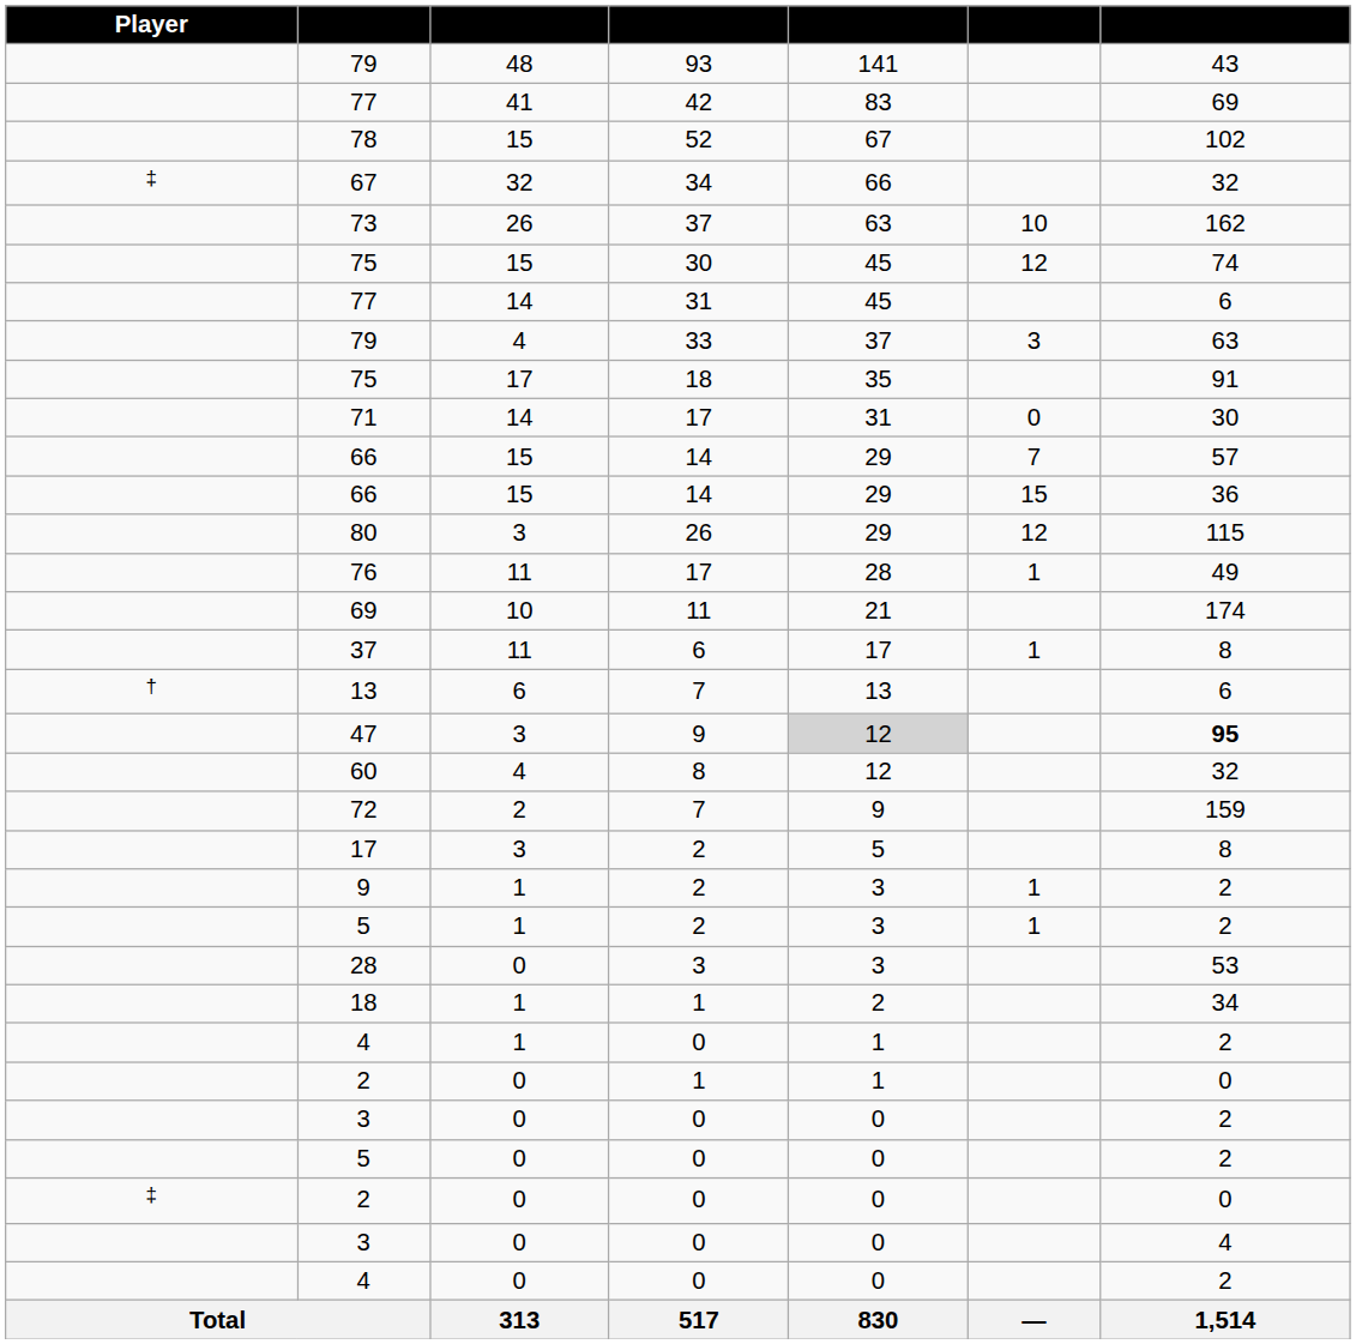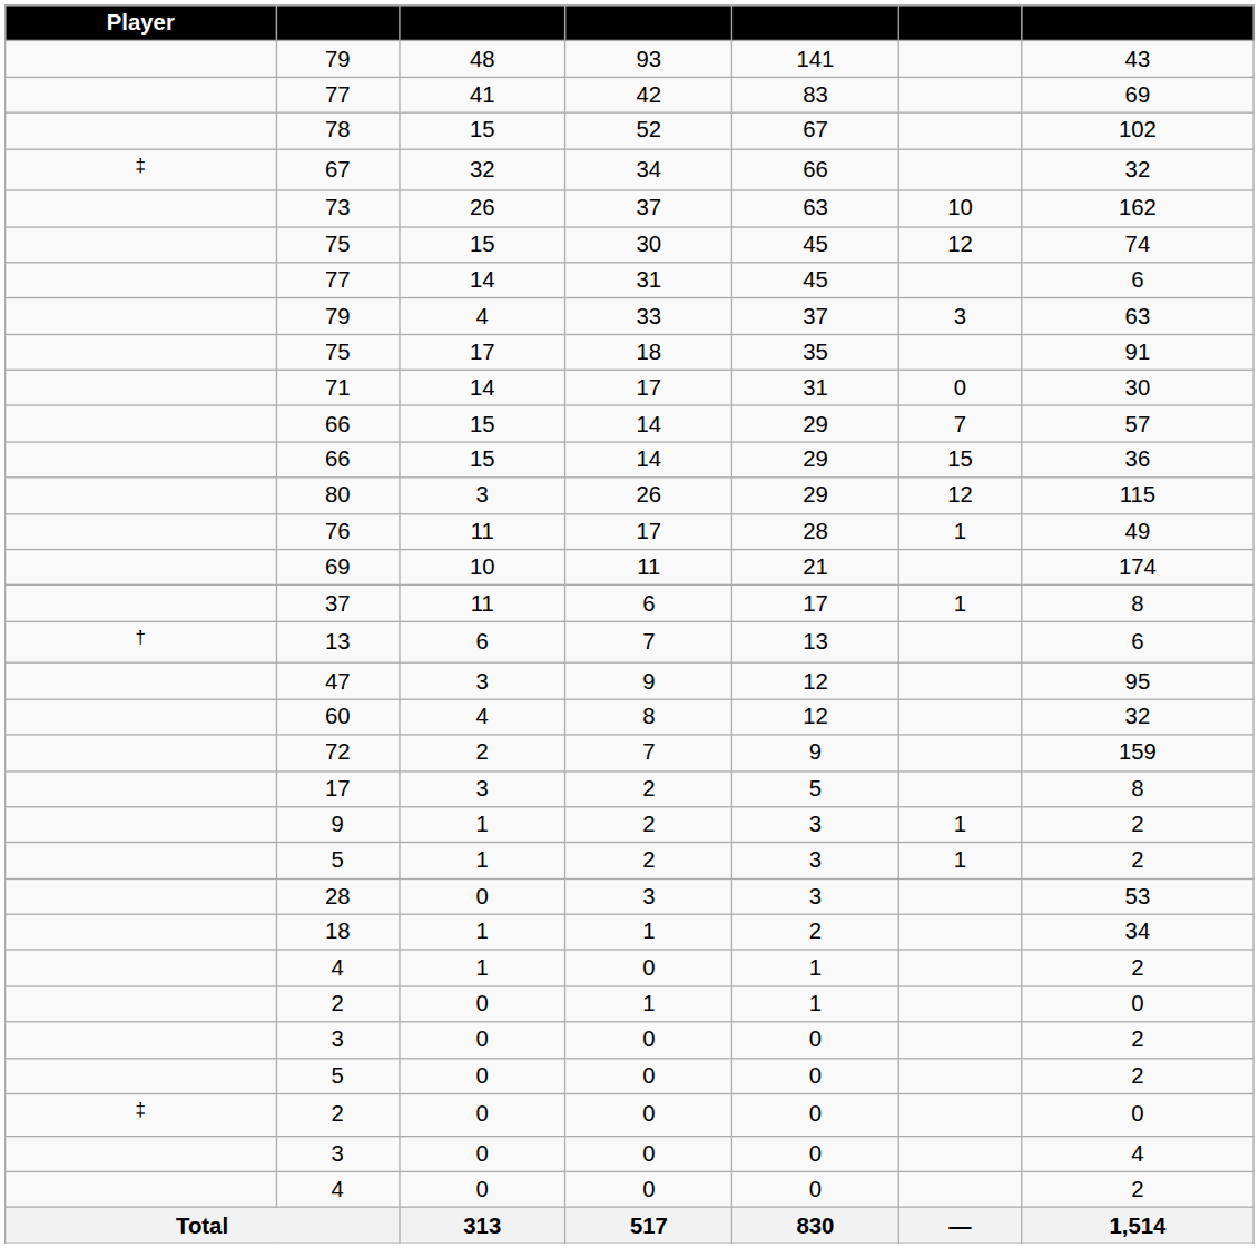 <table class="wikitable sortable" style="width:100%; text-align:center;">
 <tr align=center>
 <th style="color:white; background:#000000; ">Player</th>
 <th style="color:white; background:#000000; "></th>
 <th style="color:white; background:#000000; "></th>
 <th style="color:white; background:#000000; "></th>
 <th style="color:white; background:#000000; "></th>
 <th style="color:white; background:#000000; "></th>
 <th style="color:white; background:#000000; "></th>
 </tr>
 <tr>
 <td></td>
 <td>79</td>
 <td>48</td>
 <td>93</td>
 <td>141</td>
 <td></td>
 <td>43</td>
 </tr>
 <tr>
 <td></td>
 <td>77</td>
 <td>41</td>
 <td>42</td>
 <td>83</td>
 <td></td>
 <td>69</td>
 </tr>
 <tr>
 <td></td>
 <td>78</td>
 <td>15</td>
 <td>52</td>
 <td>67</td>
 <td></td>
 <td>102</td>
 </tr>
 <tr>
 <td><sup>‡</sup></td>
 <td>67</td>
 <td>32</td>
 <td>34</td>
 <td>66</td>
 <td></td>
 <td>32</td>
 </tr>
 <tr>
 <td></td>
 <td>73</td>
 <td>26</td>
 <td>37</td>
 <td>63</td>
 <td>10</td>
 <td>162</td>
 </tr>
 <tr>
 <td></td>
 <td>75</td>
 <td>15</td>
 <td>30</td>
 <td>45</td>
 <td>12</td>
 <td>74</td>
 </tr>
 <tr>
 <td></td>
 <td>77</td>
 <td>14</td>
 <td>31</td>
 <td>45</td>
 <td></td>
 <td>6</td>
 </tr>
 <tr>
 <td></td>
 <td>79</td>
 <td>4</td>
 <td>33</td>
 <td>37</td>
 <td>3</td>
 <td>63</td>
 </tr>
 <tr>
 <td></td>
 <td>75</td>
 <td>17</td>
 <td>18</td>
 <td>35</td>
 <td></td>
 <td>91</td>
 </tr>
 <tr>
 <td></td>
 <td>71</td>
 <td>14</td>
 <td>17</td>
 <td>31</td>
 <td>0</td>
 <td>30</td>
 </tr>
 <tr>
 <td></td>
 <td>66</td>
 <td>15</td>
 <td>14</td>
 <td>29</td>
 <td>7</td>
 <td>57</td>
 </tr>
 <tr>
 <td></td>
 <td>66</td>
 <td>15</td>
 <td>14</td>
 <td>29</td>
 <td>15</td>
 <td>36</td>
 </tr>
 <tr>
 <td></td>
 <td>80</td>
 <td>3</td>
 <td>26</td>
 <td>29</td>
 <td>12</td>
 <td>115</td>
 </tr>
 <tr>
 <td></td>
 <td>76</td>
 <td>11</td>
 <td>17</td>
 <td>28</td>
 <td>1</td>
 <td>49</td>
 </tr>
 <tr>
 <td></td>
 <td>69</td>
 <td>10</td>
 <td>11</td>
 <td>21</td>
 <td></td>
 <td>174</td>
 </tr>
 <tr>
 <td></td>
 <td>37</td>
 <td>11</td>
 <td>6</td>
 <td>17</td>
 <td>1</td>
 <td>8</td>
 </tr>
 <tr>
 <td><sup>†</sup></td>
 <td>13</td>
 <td>6</td>
 <td>7</td>
 <td>13</td>
 <td></td>
 <td>6</td>
 </tr>
 <tr>
 <td></td>
 <td>47</td>
 <td>3</td>
 <td>9</td>
-<td style="background: lightgrey;">12</td>
+<td>12</td>
 <td></td>
-<td><strong>95</strong></td>
+<td>95</td>
 </tr>
 <tr>
 <td></td>
 <td>60</td>
 <td>4</td>
 <td>8</td>
 <td>12</td>
 <td></td>
 <td>32</td>
 </tr>
 <tr>
 <td></td>
 <td>72</td>
 <td>2</td>
 <td>7</td>
 <td>9</td>
 <td></td>
 <td>159</td>
 </tr>
 <tr>
 <td></td>
 <td>17</td>
 <td>3</td>
 <td>2</td>
 <td>5</td>
 <td></td>
 <td>8</td>
 </tr>
 <tr>
 <td></td>
 <td>9</td>
 <td>1</td>
 <td>2</td>
 <td>3</td>
 <td>1</td>
 <td>2</td>
 </tr>
 <tr>
 <td></td>
 <td>5</td>
 <td>1</td>
 <td>2</td>
 <td>3</td>
 <td>1</td>
 <td>2</td>
 </tr>
 <tr>
 <td></td>
 <td>28</td>
 <td>0</td>
 <td>3</td>
 <td>3</td>
 <td></td>
 <td>53</td>
 </tr>
 <tr>
 <td></td>
 <td>18</td>
 <td>1</td>
 <td>1</td>
 <td>2</td>
 <td></td>
 <td>34</td>
 </tr>
 <tr>
 <td></td>
 <td>4</td>
 <td>1</td>
 <td>0</td>
 <td>1</td>
 <td></td>
 <td>2</td>
 </tr>
 <tr>
 <td></td>
 <td>2</td>
 <td>0</td>
 <td>1</td>
 <td>1</td>
 <td></td>
 <td>0</td>
 </tr>
 <tr>
 <td></td>
 <td>3</td>
 <td>0</td>
 <td>0</td>
 <td>0</td>
 <td></td>
 <td>2</td>
 </tr>
 <tr>
 <td></td>
 <td>5</td>
 <td>0</td>
 <td>0</td>
 <td>0</td>
 <td></td>
 <td>2</td>
 </tr>
 <tr>
 <td><sup>‡</sup></td>
 <td>2</td>
 <td>0</td>
 <td>0</td>
 <td>0</td>
 <td></td>
 <td>0</td>
 </tr>
 <tr>
 <td></td>
 <td>3</td>
 <td>0</td>
 <td>0</td>
 <td>0</td>
 <td></td>
 <td>4</td>
 </tr>
 <tr>
 <td></td>
 <td>4</td>
 <td>0</td>
 <td>0</td>
 <td>0</td>
 <td></td>
 <td>2</td>
 </tr>
 <tr class="sortbottom">
 <th colspan=2>Total</th>
 <th>313</th>
 <th>517</th>
 <th>830</th>
 <th>—</th>
 <th>1,514</th>
 </tr>
 </table>
